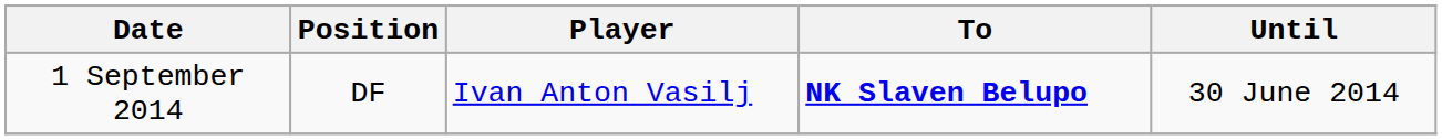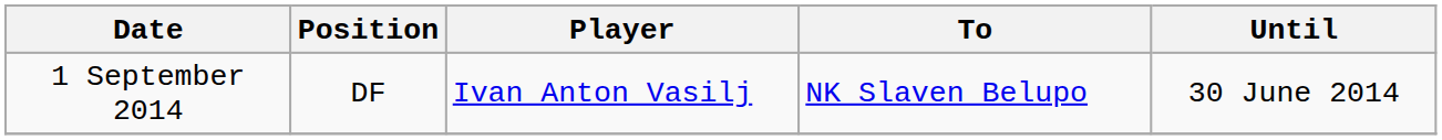 <table class="wikitable" style="text-align: center;">
 <tr>
 <th width=120>Date</th>
 <th width=60>Position</th>
 <th width=150>Player</th>
 <th width=150>To</th>
 <th width=120>Until</th>
 </tr>
 <tr>
 <td>1 September 2014</td>
 <td>DF</td>
 <td style="text-align:left;"> <a href='#'>Ivan Anton Vasilj</a></td>
-<td style="text-align:left;"><strong><a href='#'>NK Slaven Belupo</a></strong></td>
+<td style="text-align:left;"><a href='#'>NK Slaven Belupo</a></td>
 <td>30 June 2014</td>
 </tr>
 <tr>
 </tr>
 </table>
